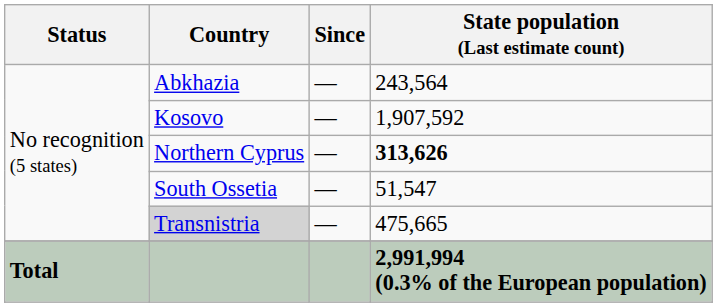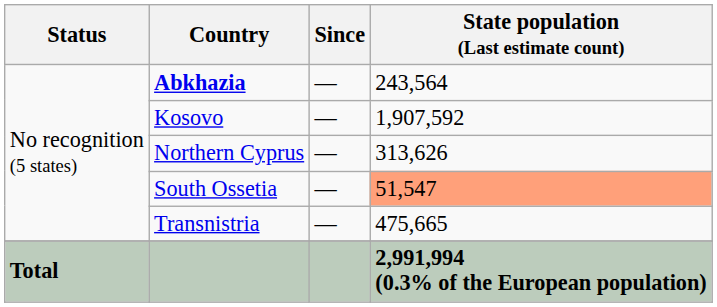 <table class="wikitable" style="width:sortable%">
 <tr>
 <th>Status</th>
 <th>Country</th>
 <th>Since</th>
 <th>State population<br><small>(Last estimate count)</small></th>
 </tr>
 <tr>
 <td rowspan="5">No recognition <br><small>(5 states)</small></td>
-<td> <a href='#'>Abkhazia</a></td>
+<td><strong> <a href='#'>Abkhazia</a></strong></td>
 <td>—</td>
 <td>243,564</td>
 </tr>
 <tr>
 <td> <a href='#'>Kosovo</a></td>
 <td>—</td>
 <td>1,907,592</td>
 </tr>
 <tr>
 <td> <a href='#'>Northern Cyprus</a></td>
 <td>—</td>
-<td><strong>313,626</strong></td>
+<td>313,626</td>
 </tr>
 <tr>
 <td> <a href='#'>South Ossetia</a></td>
 <td>—</td>
-<td>51,547</td>
+<td style="background: lightsalmon;">51,547</td>
 </tr>
 <tr>
-<td style="background: lightgrey;"> <a href='#'>Transnistria</a></td>
+<td> <a href='#'>Transnistria</a></td>
 <td>—</td>
 <td>475,665</td>
 </tr>
 <tr>
 </tr>
 <tr class="sortbottom" style="background:#bcccbc;">
 <td><strong>Total</strong></td>
 <td></td>
 <td></td>
 <td><strong>2,991,994</strong><br><strong>(0.3% of the European population)</strong></td>
 </tr>
 </table>
